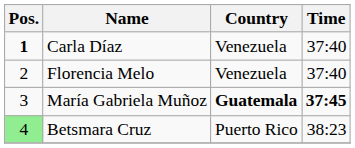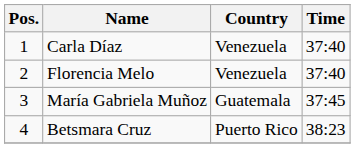 <table class="wikitable sortable">
 <tr>
 <th>Pos.</th>
 <th>Name</th>
 <th>Country</th>
 <th>Time</th>
 </tr>
 <tr>
-<td align="center"><strong>1</strong></td>
+<td align="center">1</td>
 <td>Carla Díaz</td>
 <td>Venezuela</td>
 <td align="right">37:40</td>
 </tr>
 <tr>
 <td align="center">2</td>
 <td>Florencia Melo</td>
 <td>Venezuela</td>
 <td align="right">37:40</td>
 </tr>
 <tr>
 <td align="center">3</td>
 <td>María Gabriela Muñoz</td>
-<td><strong>Guatemala</strong></td>
-<td align="right"><strong>37:45</strong></td>
+<td>Guatemala</td>
+<td align="right">37:45</td>
 </tr>
 <tr>
-<td align="center" style="background: lightgreen;">4</td>
+<td align="center">4</td>
 <td>Betsmara Cruz</td>
 <td>Puerto Rico</td>
 <td align="right">38:23</td>
 </tr>
 <tr>
 </tr>
 </table>
